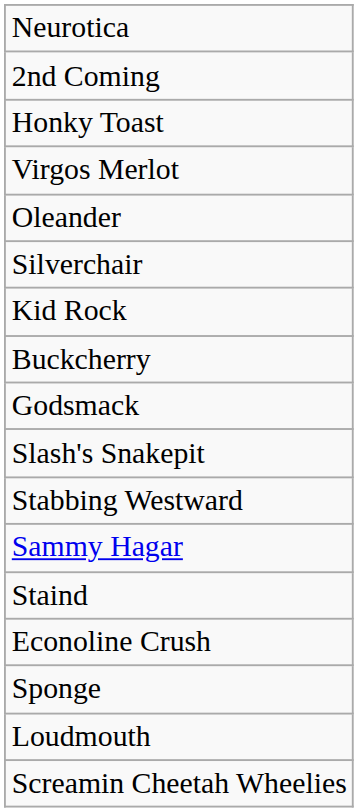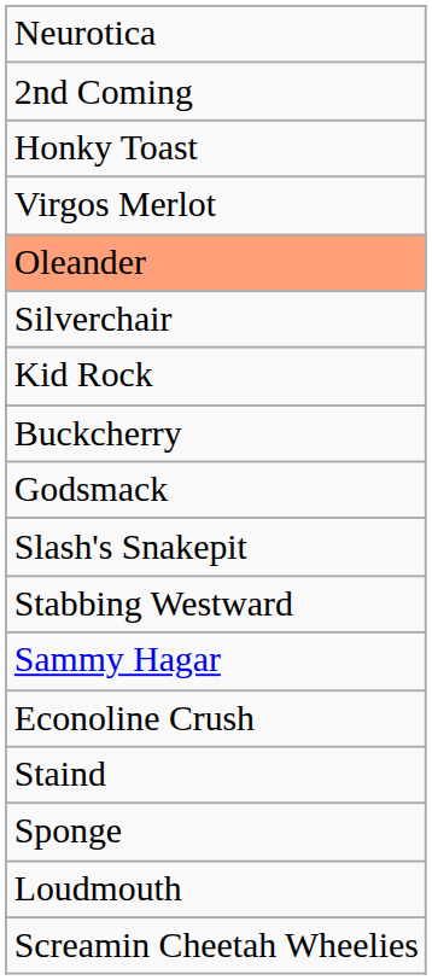 <table class="wikitable">
 <tr>
 <td>Neurotica</td>
 </tr>
 <tr>
 <td>2nd Coming</td>
 </tr>
 <tr>
 <td>Honky Toast</td>
 </tr>
 <tr>
 <td>Virgos Merlot</td>
 </tr>
 <tr>
-<td>Oleander</td>
+<td style="background: lightsalmon;">Oleander</td>
 </tr>
 <tr>
 <td>Silverchair</td>
 </tr>
 <tr>
 <td>Kid Rock</td>
 </tr>
 <tr>
 <td>Buckcherry</td>
 </tr>
 <tr>
 <td>Godsmack</td>
 </tr>
 <tr>
 <td>Slash's Snakepit</td>
 </tr>
 <tr>
 <td>Stabbing Westward</td>
 </tr>
 <tr>
 <td><a href='#'>Sammy Hagar</a></td>
 </tr>
 <tr>
-<td>Staind</td>
+<td>Econoline Crush</td>
 </tr>
 <tr>
-<td>Econoline Crush</td>
+<td>Staind</td>
 </tr>
 <tr>
 <td>Sponge</td>
 </tr>
 <tr>
 <td>Loudmouth</td>
 </tr>
 <tr>
 <td>Screamin Cheetah Wheelies</td>
 </tr>
 </table>
